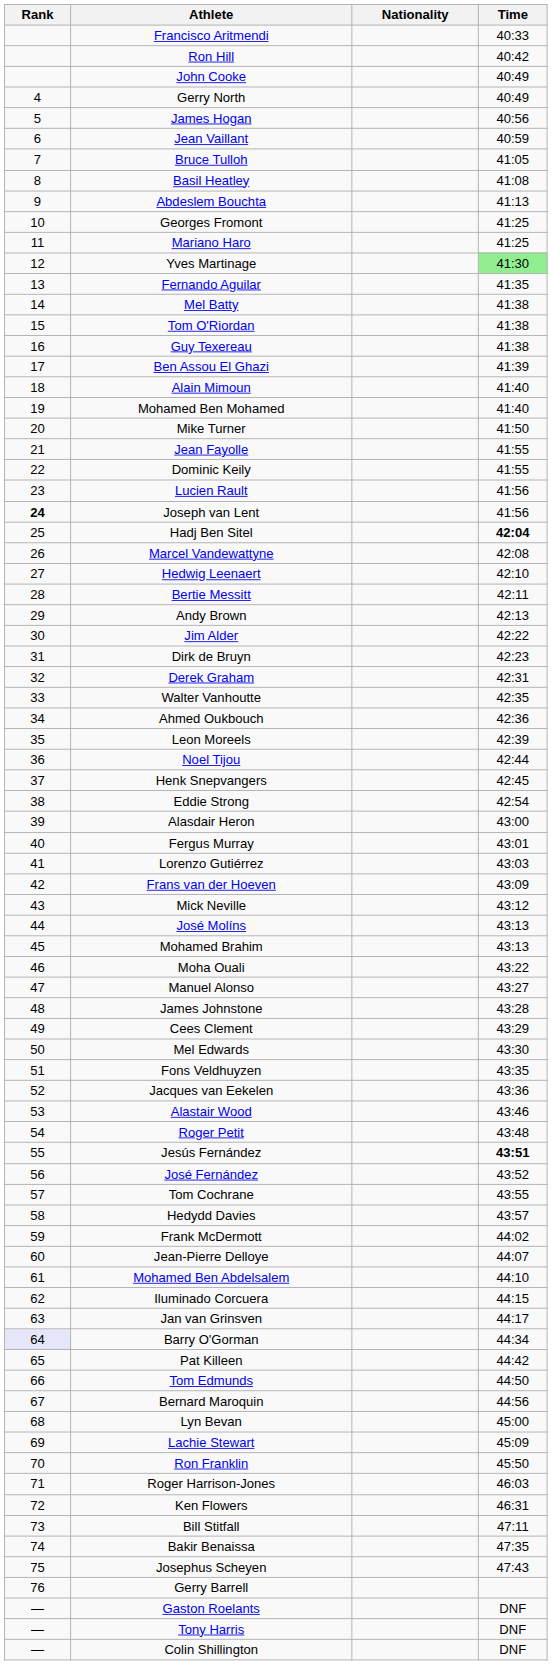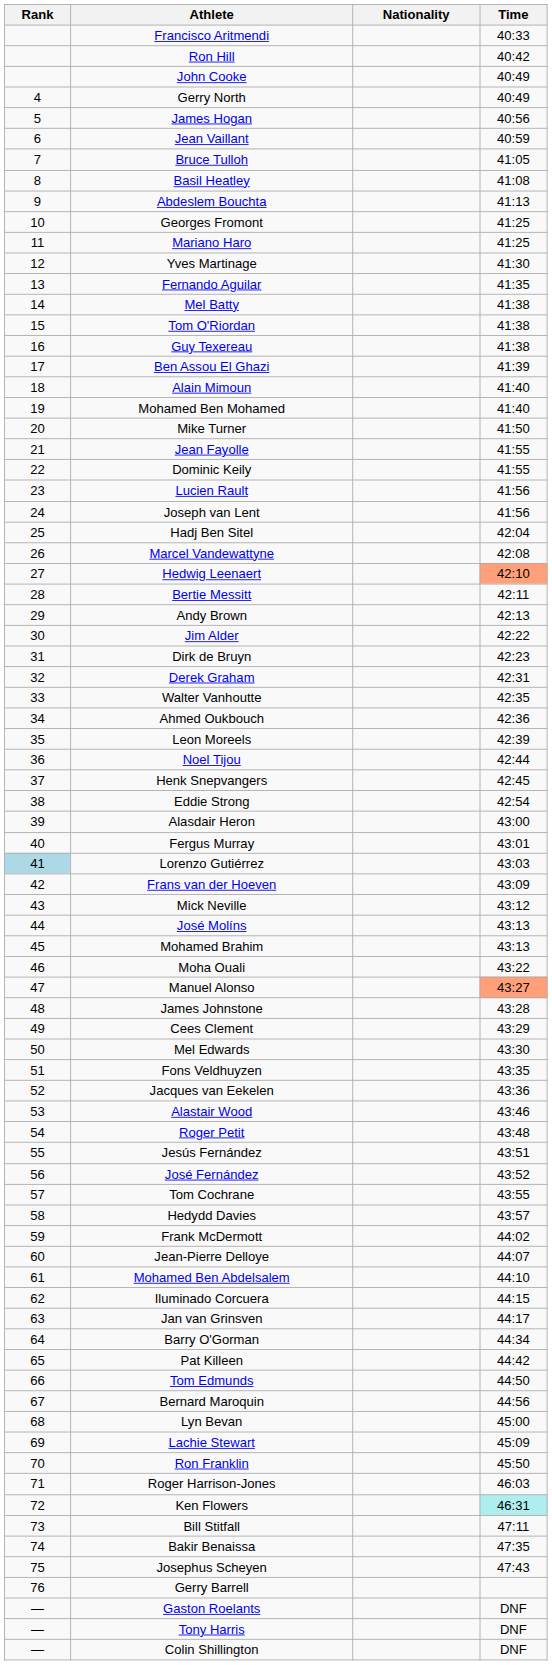 <table class="wikitable sortable" style=" text-align:center; font-size:95%;" width="50%">
 <tr>
 <th>Rank</th>
 <th>Athlete</th>
 <th>Nationality</th>
 <th>Time</th>
 </tr>
 <tr>
 <td align=center></td>
 <td><a href='#'>Francisco Aritmendi</a></td>
 <td></td>
 <td>40:33</td>
 </tr>
 <tr>
 <td align=center></td>
 <td><a href='#'>Ron Hill</a></td>
 <td></td>
 <td>40:42</td>
 </tr>
 <tr>
 <td align=center></td>
 <td><a href='#'>John Cooke</a></td>
 <td></td>
 <td>40:49</td>
 </tr>
 <tr>
 <td align=center>4</td>
 <td>Gerry North</td>
 <td></td>
 <td>40:49</td>
 </tr>
 <tr>
 <td align=center>5</td>
 <td><a href='#'>James Hogan</a></td>
 <td></td>
 <td>40:56</td>
 </tr>
 <tr>
 <td align=center>6</td>
 <td><a href='#'>Jean Vaillant</a></td>
 <td></td>
 <td>40:59</td>
 </tr>
 <tr>
 <td align=center>7</td>
 <td><a href='#'>Bruce Tulloh</a></td>
 <td></td>
 <td>41:05</td>
 </tr>
 <tr>
 <td align=center>8</td>
 <td><a href='#'>Basil Heatley</a></td>
 <td></td>
 <td>41:08</td>
 </tr>
 <tr>
 <td align=center>9</td>
 <td><a href='#'>Abdeslem Bouchta</a></td>
 <td></td>
 <td>41:13</td>
 </tr>
 <tr>
 <td align=center>10</td>
 <td>Georges Fromont</td>
 <td></td>
 <td>41:25</td>
 </tr>
 <tr>
 <td align=center>11</td>
 <td><a href='#'>Mariano Haro</a></td>
 <td></td>
 <td>41:25</td>
 </tr>
 <tr>
 <td align=center>12</td>
 <td>Yves Martinage</td>
 <td></td>
-<td style="background: lightgreen;">41:30</td>
+<td>41:30</td>
 </tr>
 <tr>
 <td align=center>13</td>
 <td><a href='#'>Fernando Aguilar</a></td>
 <td></td>
 <td>41:35</td>
 </tr>
 <tr>
 <td align=center>14</td>
 <td><a href='#'>Mel Batty</a></td>
 <td></td>
 <td>41:38</td>
 </tr>
 <tr>
 <td align=center>15</td>
 <td><a href='#'>Tom O'Riordan</a></td>
 <td></td>
 <td>41:38</td>
 </tr>
 <tr>
 <td align=center>16</td>
 <td><a href='#'>Guy Texereau</a></td>
 <td></td>
 <td>41:38</td>
 </tr>
 <tr>
 <td align=center>17</td>
 <td><a href='#'>Ben Assou El Ghazi</a></td>
 <td></td>
 <td>41:39</td>
 </tr>
 <tr>
 <td align=center>18</td>
 <td><a href='#'>Alain Mimoun</a></td>
 <td></td>
 <td>41:40</td>
 </tr>
 <tr>
 <td align=center>19</td>
 <td>Mohamed Ben Mohamed</td>
 <td></td>
 <td>41:40</td>
 </tr>
 <tr>
 <td align=center>20</td>
 <td>Mike Turner</td>
 <td></td>
 <td>41:50</td>
 </tr>
 <tr>
 <td align=center>21</td>
 <td><a href='#'>Jean Fayolle</a></td>
 <td></td>
 <td>41:55</td>
 </tr>
 <tr>
 <td align=center>22</td>
 <td>Dominic Keily</td>
 <td></td>
 <td>41:55</td>
 </tr>
 <tr>
 <td align=center>23</td>
 <td><a href='#'>Lucien Rault</a></td>
 <td></td>
 <td>41:56</td>
 </tr>
 <tr>
-<td align=center><strong>24</strong></td>
+<td align=center>24</td>
 <td>Joseph van Lent</td>
 <td></td>
 <td>41:56</td>
 </tr>
 <tr>
 <td align=center>25</td>
 <td>Hadj Ben Sitel</td>
 <td></td>
-<td><strong>42:04</strong></td>
+<td>42:04</td>
 </tr>
 <tr>
 <td align=center>26</td>
 <td><a href='#'>Marcel Vandewattyne</a></td>
 <td></td>
 <td>42:08</td>
 </tr>
 <tr>
 <td align=center>27</td>
 <td><a href='#'>Hedwig Leenaert</a></td>
 <td></td>
-<td>42:10</td>
+<td style="background: lightsalmon;">42:10</td>
 </tr>
 <tr>
 <td align=center>28</td>
 <td><a href='#'>Bertie Messitt</a></td>
 <td></td>
 <td>42:11</td>
 </tr>
 <tr>
 <td align=center>29</td>
 <td>Andy Brown</td>
 <td></td>
 <td>42:13</td>
 </tr>
 <tr>
 <td align=center>30</td>
 <td><a href='#'>Jim Alder</a></td>
 <td></td>
 <td>42:22</td>
 </tr>
 <tr>
 <td align=center>31</td>
 <td>Dirk de Bruyn</td>
 <td></td>
 <td>42:23</td>
 </tr>
 <tr>
 <td align=center>32</td>
 <td><a href='#'>Derek Graham</a></td>
 <td></td>
 <td>42:31</td>
 </tr>
 <tr>
 <td align=center>33</td>
 <td>Walter Vanhoutte</td>
 <td></td>
 <td>42:35</td>
 </tr>
 <tr>
 <td align=center>34</td>
 <td>Ahmed Oukbouch</td>
 <td></td>
 <td>42:36</td>
 </tr>
 <tr>
 <td align=center>35</td>
 <td>Leon Moreels</td>
 <td></td>
 <td>42:39</td>
 </tr>
 <tr>
 <td align=center>36</td>
 <td><a href='#'>Noel Tijou</a></td>
 <td></td>
 <td>42:44</td>
 </tr>
 <tr>
 <td align=center>37</td>
 <td>Henk Snepvangers</td>
 <td></td>
 <td>42:45</td>
 </tr>
 <tr>
 <td align=center>38</td>
 <td>Eddie Strong</td>
 <td></td>
 <td>42:54</td>
 </tr>
 <tr>
 <td align=center>39</td>
 <td>Alasdair Heron</td>
 <td></td>
 <td>43:00</td>
 </tr>
 <tr>
 <td align=center>40</td>
 <td>Fergus Murray</td>
 <td></td>
 <td>43:01</td>
 </tr>
 <tr>
-<td align=center>41</td>
+<td align=center style="background: lightblue;">41</td>
 <td>Lorenzo Gutiérrez</td>
 <td></td>
 <td>43:03</td>
 </tr>
 <tr>
 <td align=center>42</td>
 <td><a href='#'>Frans van der Hoeven</a></td>
 <td></td>
 <td>43:09</td>
 </tr>
 <tr>
 <td align=center>43</td>
 <td>Mick Neville</td>
 <td></td>
 <td>43:12</td>
 </tr>
 <tr>
 <td align=center>44</td>
 <td><a href='#'>José Molíns</a></td>
 <td></td>
 <td>43:13</td>
 </tr>
 <tr>
 <td align=center>45</td>
 <td>Mohamed Brahim</td>
 <td></td>
 <td>43:13</td>
 </tr>
 <tr>
 <td align=center>46</td>
 <td>Moha Ouali</td>
 <td></td>
 <td>43:22</td>
 </tr>
 <tr>
 <td align=center>47</td>
 <td>Manuel Alonso</td>
 <td></td>
-<td>43:27</td>
+<td style="background: lightsalmon;">43:27</td>
 </tr>
 <tr>
 <td align=center>48</td>
 <td>James Johnstone</td>
 <td></td>
 <td>43:28</td>
 </tr>
 <tr>
 <td align=center>49</td>
 <td>Cees Clement</td>
 <td></td>
 <td>43:29</td>
 </tr>
 <tr>
 <td align=center>50</td>
 <td>Mel Edwards</td>
 <td></td>
 <td>43:30</td>
 </tr>
 <tr>
 <td align=center>51</td>
 <td>Fons Veldhuyzen</td>
 <td></td>
 <td>43:35</td>
 </tr>
 <tr>
 <td align=center>52</td>
 <td>Jacques van Eekelen</td>
 <td></td>
 <td>43:36</td>
 </tr>
 <tr>
 <td align=center>53</td>
 <td><a href='#'>Alastair Wood</a></td>
 <td></td>
 <td>43:46</td>
 </tr>
 <tr>
 <td align=center>54</td>
 <td><a href='#'>Roger Petit</a></td>
 <td></td>
 <td>43:48</td>
 </tr>
 <tr>
 <td align=center>55</td>
 <td>Jesús Fernández</td>
 <td></td>
-<td><strong>43:51</strong></td>
+<td>43:51</td>
 </tr>
 <tr>
 <td align=center>56</td>
 <td><a href='#'>José Fernández</a></td>
 <td></td>
 <td>43:52</td>
 </tr>
 <tr>
 <td align=center>57</td>
 <td>Tom Cochrane</td>
 <td></td>
 <td>43:55</td>
 </tr>
 <tr>
 <td align=center>58</td>
 <td>Hedydd Davies</td>
 <td></td>
 <td>43:57</td>
 </tr>
 <tr>
 <td align=center>59</td>
 <td>Frank McDermott</td>
 <td></td>
 <td>44:02</td>
 </tr>
 <tr>
 <td align=center>60</td>
 <td>Jean-Pierre Delloye</td>
 <td></td>
 <td>44:07</td>
 </tr>
 <tr>
 <td align=center>61</td>
 <td><a href='#'>Mohamed Ben Abdelsalem</a></td>
 <td></td>
 <td>44:10</td>
 </tr>
 <tr>
 <td align=center>62</td>
 <td>Iluminado Corcuera</td>
 <td></td>
 <td>44:15</td>
 </tr>
 <tr>
 <td align=center>63</td>
 <td>Jan van Grinsven</td>
 <td></td>
 <td>44:17</td>
 </tr>
 <tr>
-<td align=center style="background: lavender;">64</td>
+<td align=center>64</td>
 <td>Barry O'Gorman</td>
 <td></td>
 <td>44:34</td>
 </tr>
 <tr>
 <td align=center>65</td>
 <td>Pat Killeen</td>
 <td></td>
 <td>44:42</td>
 </tr>
 <tr>
 <td align=center>66</td>
 <td><a href='#'>Tom Edmunds</a></td>
 <td></td>
 <td>44:50</td>
 </tr>
 <tr>
 <td align=center>67</td>
 <td>Bernard Maroquin</td>
 <td></td>
 <td>44:56</td>
 </tr>
 <tr>
 <td align=center>68</td>
 <td>Lyn Bevan</td>
 <td></td>
 <td>45:00</td>
 </tr>
 <tr>
 <td align=center>69</td>
 <td><a href='#'>Lachie Stewart</a></td>
 <td></td>
 <td>45:09</td>
 </tr>
 <tr>
 <td align=center>70</td>
 <td><a href='#'>Ron Franklin</a></td>
 <td></td>
 <td>45:50</td>
 </tr>
 <tr>
 <td align=center>71</td>
 <td>Roger Harrison-Jones</td>
 <td></td>
 <td>46:03</td>
 </tr>
 <tr>
 <td align=center>72</td>
 <td>Ken Flowers</td>
 <td></td>
-<td>46:31</td>
+<td style="background: paleturquoise;">46:31</td>
 </tr>
 <tr>
 <td align=center>73</td>
 <td>Bill Stitfall</td>
 <td></td>
 <td>47:11</td>
 </tr>
 <tr>
 <td align=center>74</td>
 <td>Bakir Benaissa</td>
 <td></td>
 <td>47:35</td>
 </tr>
 <tr>
 <td align=center>75</td>
 <td>Josephus Scheyen</td>
 <td></td>
 <td>47:43</td>
 </tr>
 <tr>
 <td align=center>76</td>
 <td>Gerry Barrell</td>
 <td></td>
 <td></td>
 </tr>
 <tr>
 <td align=center>—</td>
 <td><a href='#'>Gaston Roelants</a></td>
 <td></td>
 <td>DNF</td>
 </tr>
 <tr>
 <td align=center>—</td>
 <td><a href='#'>Tony Harris</a></td>
 <td></td>
 <td>DNF</td>
 </tr>
 <tr>
 <td align=center>—</td>
 <td>Colin Shillington</td>
 <td></td>
 <td>DNF</td>
 </tr>
 </table>
